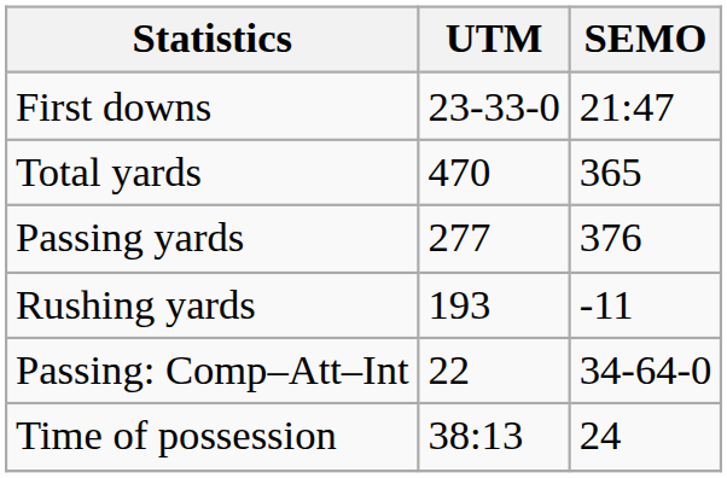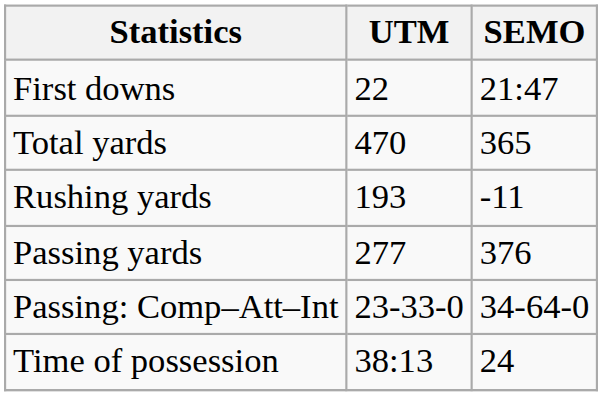 <table class="wikitable" style="float: left;">
 <tr>
 <th>Statistics</th>
 <th>UTM</th>
 <th>SEMO</th>
 </tr>
 <tr>
 <td>First downs</td>
-<td>23-33-0</td>
+<td>22</td>
 <td>21:47</td>
 </tr>
 <tr>
 <td>Total yards</td>
 <td>470</td>
 <td>365</td>
 </tr>
 <tr>
+<td>Rushing yards</td>
+<td>193</td>
+<td>-11</td>
+</tr>
+<tr>
 <td>Passing yards</td>
 <td>277</td>
 <td>376</td>
 </tr>
 <tr>
-<td>Rushing yards</td>
-<td>193</td>
-<td>-11</td>
-</tr>
-<tr>
 <td>Passing: Comp–Att–Int</td>
-<td>22</td>
+<td>23-33-0</td>
 <td>34-64-0</td>
 </tr>
 <tr>
 <td>Time of possession</td>
 <td>38:13</td>
 <td>24</td>
 </tr>
 <tr>
 </tr>
 </table>
